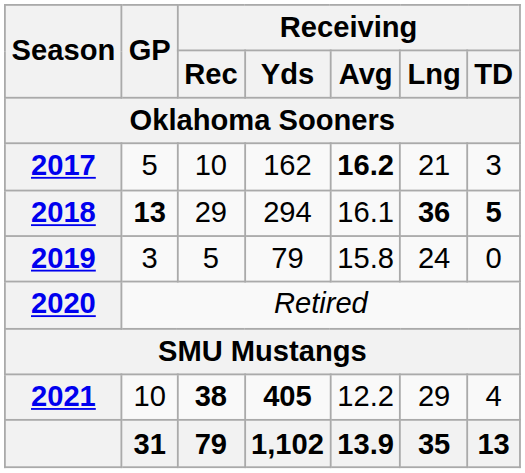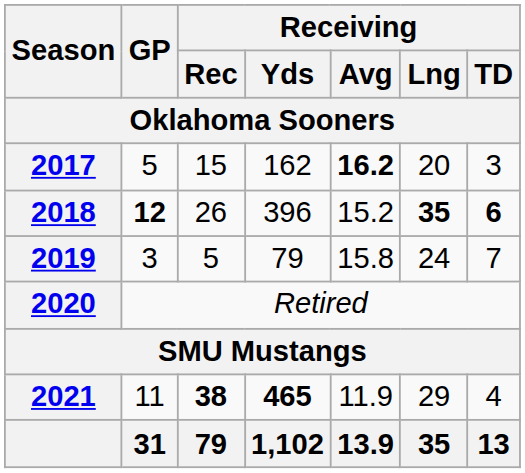 <table class=wikitable style="text-align:center;">
 <tr>
 <th rowspan="2">Season</th>
 <th rowspan="2">GP</th>
 <th colspan="5">Receiving</th>
 </tr>
 <tr>
 <th>Rec</th>
 <th>Yds</th>
 <th>Avg</th>
 <th>Lng</th>
 <th>TD</th>
 </tr>
 <tr>
 <th colspan="8">Oklahoma Sooners</th>
 </tr>
 <tr>
 <th><a href='#'>2017</a></th>
 <td>5</td>
-<td>10</td>
+<td>15</td>
 <td>162</td>
 <td><strong>16.2</strong></td>
-<td>21</td>
+<td>20</td>
 <td>3</td>
 </tr>
 <tr>
 <th><a href='#'>2018</a></th>
-<td><strong>13</strong></td>
-<td>29</td>
-<td>294</td>
-<td>16.1</td>
-<td><strong>36</strong></td>
-<td><strong>5</strong></td>
+<td><strong>12</strong></td>
+<td>26</td>
+<td>396</td>
+<td>15.2</td>
+<td><strong>35</strong></td>
+<td><strong>6</strong></td>
 </tr>
 <tr>
 <th><a href='#'>2019</a></th>
 <td>3</td>
 <td>5</td>
 <td>79</td>
 <td>15.8</td>
 <td>24</td>
-<td>0</td>
+<td>7</td>
 </tr>
 <tr>
 <th><a href='#'>2020</a></th>
 <td colspan="8"><em>Retired</em></td>
 </tr>
 <tr>
 <th colspan="8">SMU Mustangs</th>
 </tr>
 <tr>
 <th><a href='#'>2021</a></th>
-<td>10</td>
+<td>11</td>
 <td><strong>38</strong></td>
-<td><strong>405</strong></td>
-<td>12.2</td>
+<td><strong>465</strong></td>
+<td>11.9</td>
 <td>29</td>
 <td>4</td>
 </tr>
 <tr>
 <th></th>
 <th>31</th>
 <th>79</th>
 <th>1,102</th>
 <th>13.9</th>
 <th>35</th>
 <th>13</th>
 </tr>
 </table>
